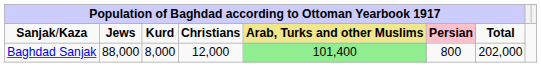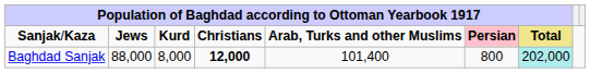 <table class="wikitable" style="font-size:100%;width:80;text-align:center;">
 <tr>
 <th colspan="7;" style="background-color:#ccccff;">Population of Baghdad according to Ottoman Yearbook 1917 </th>
 <th></th>
 <th></th>
 </tr>
 <tr>
 <td><strong>Sanjak</strong>/<strong>Kaza</strong></td>
 <td><strong>Jews</strong></td>
 <td><strong>Kurd</strong></td>
 <td><strong>Christians</strong></td>
-<td style="background: khaki;"><strong>Arab, Turks and other Muslims</strong></td>
+<td><strong>Arab, Turks and other Muslims</strong></td>
 <td style="background: pink;"><strong>Persian</strong></td>
-<td><strong>Total</strong></td>
+<td style="background: khaki;"><strong>Total</strong></td>
 </tr>
 <tr>
 <td><a href='#'>Baghdad Sanjak</a></td>
 <td>88,000</td>
 <td>8,000</td>
-<td>12,000</td>
-<td style="background: lightgreen;">101,400</td>
+<td><strong>12,000</strong></td>
+<td>101,400</td>
 <td>800</td>
-<td>202,000</td>
+<td style="background: paleturquoise;">202,000</td>
 </tr>
 </table>
